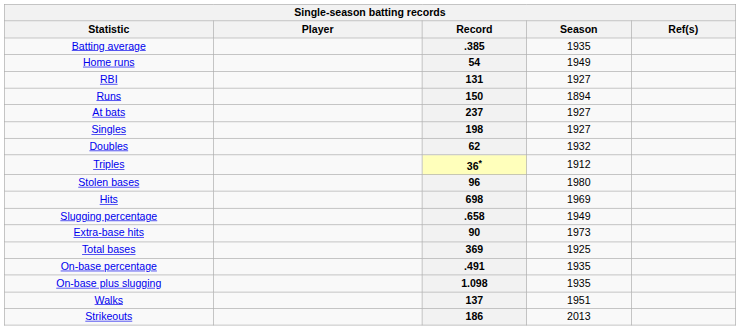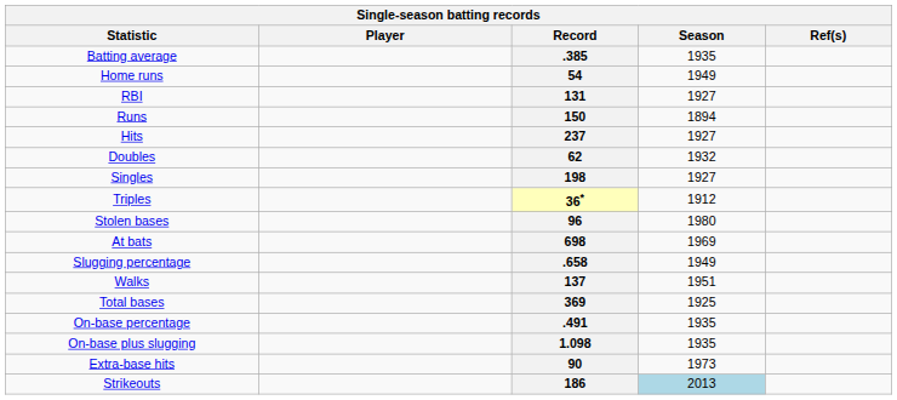 <table class="wikitable sortable" style="text-align:center" width="70%">
 <tr>
 <th colspan=5>Single-season batting records</th>
 </tr>
 <tr>
 <th scope="col" width=20%>Statistic</th>
 <th scope="col" width=20%>Player</th>
 <th scope="col" width=10% class="unsortable">Record</th>
 <th scope="col" width=10%>Season</th>
 <th scope="col" width=10% class="unsortable">Ref(s)</th>
 </tr>
 <tr>
 <td><a href='#'>Batting average</a></td>
 <td></td>
 <th scope="row">.385</th>
 <td>1935</td>
 <td></td>
 </tr>
 <tr>
 <td><a href='#'>Home runs</a></td>
 <td></td>
 <th scope="row">54</th>
 <td>1949</td>
 <td></td>
 </tr>
 <tr>
 <td><a href='#'>RBI</a></td>
 <td></td>
 <th scope="row">131</th>
 <td>1927</td>
 <td></td>
 </tr>
 <tr>
 <td><a href='#'>Runs</a></td>
 <td></td>
 <th scope="row">150</th>
 <td>1894</td>
 <td></td>
 </tr>
 <tr>
-<td><a href='#'>At bats</a></td>
+<td><a href='#'>Hits</a></td>
 <td></td>
 <th scope="row">237</th>
-<td>1927</td>
-<td></td>
-</tr>
-<tr>
-<td><a href='#'>Singles</a></td>
-<td></td>
-<th scope="row">198</th>
 <td>1927</td>
 <td></td>
 </tr>
 <tr>
 <td><a href='#'>Doubles</a></td>
 <td></td>
 <th scope="row">62</th>
 <td>1932</td>
+<td></td>
+</tr>
+<tr>
+<td><a href='#'>Singles</a></td>
+<td></td>
+<th scope="row">198</th>
+<td>1927</td>
 <td></td>
 </tr>
 <tr>
 <td><a href='#'>Triples</a></td>
 <td></td>
 <th scope="row" style="background-color:#FFFFBB">36<sup>*</sup></th>
 <td>1912</td>
 <td></td>
 </tr>
 <tr>
 <td><a href='#'>Stolen bases</a></td>
 <td></td>
 <th scope="row">96</th>
 <td>1980</td>
 <td></td>
 </tr>
 <tr>
-<td><a href='#'>Hits</a></td>
+<td><a href='#'>At bats</a></td>
 <td></td>
 <th scope="row">698</th>
 <td>1969</td>
 <td></td>
 </tr>
 <tr>
 <td><a href='#'>Slugging percentage</a></td>
 <td></td>
 <th scope="row">.658</th>
 <td>1949</td>
 <td></td>
 </tr>
 <tr>
-<td><a href='#'>Extra-base hits</a></td>
+<td><a href='#'>Walks</a></td>
 <td></td>
-<th scope="row">90</th>
-<td>1973</td>
+<th scope="row">137</th>
+<td>1951</td>
 <td></td>
 </tr>
 <tr>
 <td><a href='#'>Total bases</a></td>
 <td></td>
 <th scope="row">369</th>
 <td>1925</td>
 <td></td>
 </tr>
 <tr>
 <td><a href='#'>On-base percentage</a></td>
 <td></td>
 <th scope="row">.491</th>
 <td>1935</td>
 <td></td>
 </tr>
 <tr>
 <td><a href='#'>On-base plus slugging</a></td>
 <td></td>
 <th scope="row">1.098</th>
 <td>1935</td>
 <td></td>
 </tr>
 <tr>
-<td><a href='#'>Walks</a></td>
+<td><a href='#'>Extra-base hits</a></td>
 <td></td>
-<th scope="row">137</th>
-<td>1951</td>
+<th scope="row">90</th>
+<td>1973</td>
 <td></td>
 </tr>
 <tr>
 <td><a href='#'>Strikeouts</a></td>
 <td></td>
 <th scope="row">186</th>
-<td>2013</td>
+<td style="background: lightblue;">2013</td>
 <td></td>
 </tr>
 </table>
